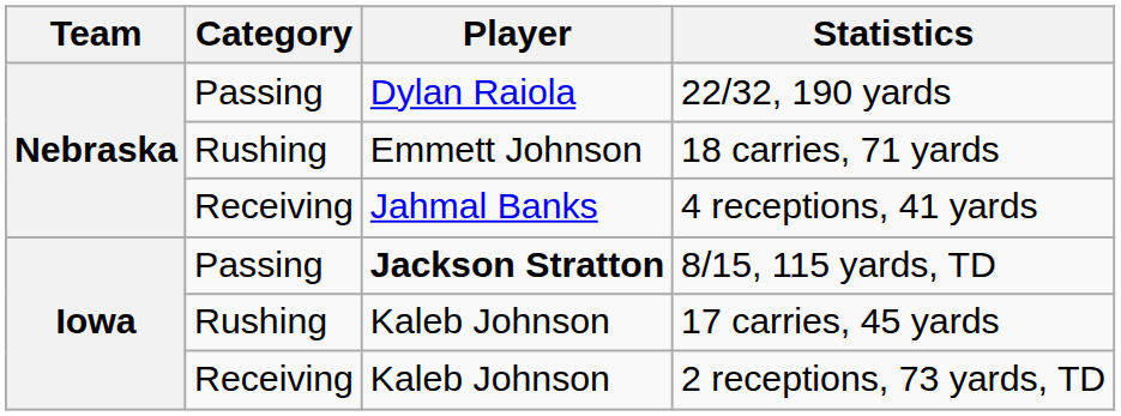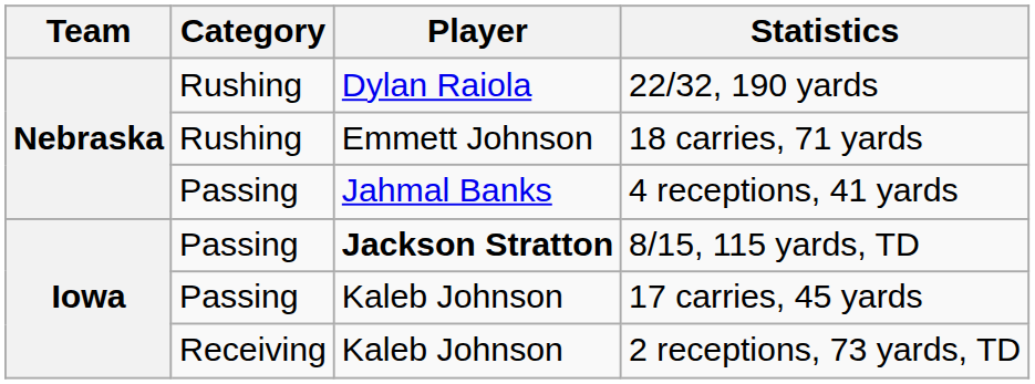 <table class="wikitable" style="float:right">
 <tr>
 <th>Team</th>
 <th>Category</th>
 <th>Player</th>
 <th>Statistics</th>
 </tr>
 <tr>
 <th rowspan=3>Nebraska</th>
-<td>Passing</td>
+<td>Rushing</td>
 <td><a href='#'>Dylan Raiola</a></td>
 <td>22/32, 190 yards</td>
 </tr>
 <tr>
 <td>Rushing</td>
 <td>Emmett Johnson</td>
 <td>18 carries, 71 yards</td>
 </tr>
 <tr>
-<td>Receiving</td>
+<td>Passing</td>
 <td><a href='#'>Jahmal Banks</a></td>
 <td>4 receptions, 41 yards</td>
 </tr>
 <tr>
 <th rowspan=3>Iowa</th>
 <td>Passing</td>
 <td><strong>Jackson Stratton</strong></td>
 <td>8/15, 115 yards, TD</td>
 </tr>
 <tr>
-<td>Rushing</td>
+<td>Passing</td>
 <td>Kaleb Johnson</td>
 <td>17 carries, 45 yards</td>
 </tr>
 <tr>
 <td>Receiving</td>
 <td>Kaleb Johnson</td>
 <td>2 receptions, 73 yards, TD</td>
 </tr>
 </table>
